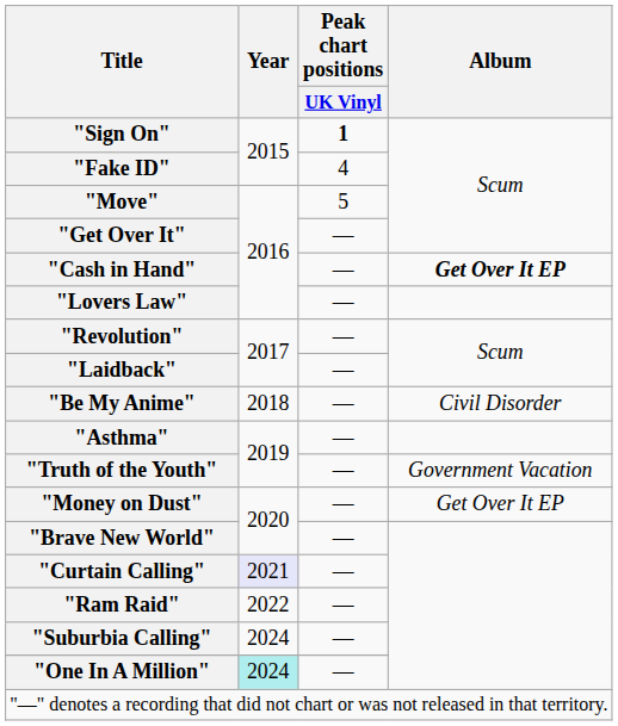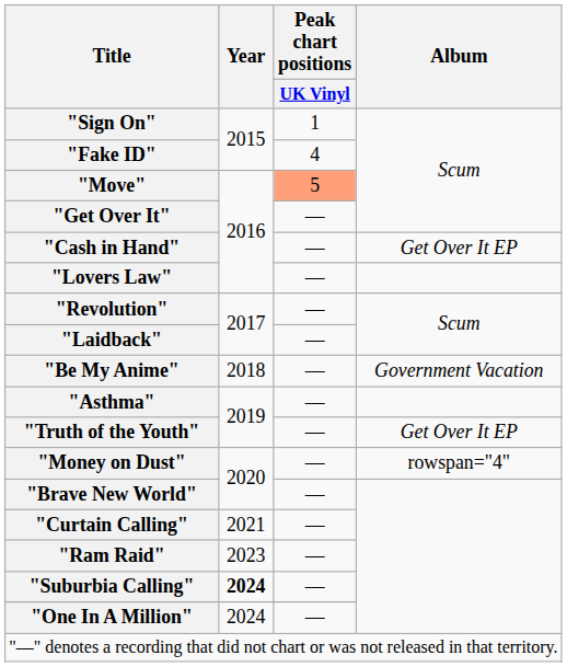 <table class="wikitable plainrowheaders" style="text-align:center;">
 <tr>
 <th scope="col" rowspan="2">Title</th>
 <th scope="col" rowspan="2">Year</th>
 <th scope="col" colspan="1">Peak chart positions</th>
 <th scope="col" rowspan="2">Album</th>
 </tr>
 <tr>
 <th scope="col" style="width:3em;font-size:90%;"><a href='#'>UK Vinyl</a></th>
 </tr>
 <tr>
 <th scope="row">"Sign On"</th>
 <td rowspan="2">2015</td>
-<td><strong>1</strong></td>
+<td>1</td>
 <td rowspan="4"><em>Scum</em></td>
 </tr>
 <tr>
 <th scope="row">"Fake ID"</th>
 <td>4</td>
 </tr>
 <tr>
 <th scope="row">"Move"</th>
 <td rowspan="4">2016</td>
-<td>5</td>
+<td style="background: lightsalmon;">5</td>
 </tr>
 <tr>
 <th scope="row">"Get Over It"</th>
 <td>—</td>
 </tr>
 <tr>
 <th scope="row">"Cash in Hand"</th>
 <td>—</td>
-<td><strong><em>Get Over It EP</em></strong></td>
+<td><em>Get Over It EP</em></td>
 </tr>
 <tr>
 <th scope="row">"Lovers Law"</th>
 <td>—</td>
 <td></td>
 </tr>
 <tr>
 <th scope="row">"Revolution"</th>
 <td rowspan="2">2017</td>
 <td>—</td>
 <td rowspan="2"><em>Scum</em></td>
 </tr>
 <tr>
 <th scope="row">"Laidback"</th>
 <td>—</td>
 </tr>
 <tr>
 <th scope="row">"Be My Anime"</th>
 <td>2018</td>
 <td>—</td>
-<td><em>Civil Disorder</em></td>
+<td rowspan="1"><em>Government Vacation</em></td>
 </tr>
 <tr>
 <th scope="row">"Asthma"</th>
 <td rowspan="2">2019</td>
 <td>—</td>
 <td></td>
 </tr>
 <tr>
 <th scope="row">"Truth of the Youth"</th>
 <td>—</td>
-<td rowspan="1"><em>Government Vacation</em></td>
+<td><em>Get Over It EP</em></td>
 </tr>
 <tr>
 <th scope="row">"Money on Dust"</th>
 <td rowspan="2">2020</td>
 <td>—</td>
-<td><em>Get Over It EP</em></td>
+<td>rowspan="4" </td>
 </tr>
 <tr>
 <th scope="row">"Brave New World"</th>
 <td>—</td>
 </tr>
 <tr>
 <th scope="row">"Curtain Calling"</th>
-<td rowspan="1" style="background: lavender;">2021</td>
+<td rowspan="1">2021</td>
 <td>—</td>
 </tr>
 <tr>
 <th scope="row">"Ram Raid"</th>
-<td rowspan="1">2022</td>
+<td rowspan="1">2023</td>
 <td>—</td>
 </tr>
 <tr>
 <th scope="row">"Suburbia Calling"</th>
-<td rowspan="1">2024</td>
+<td rowspan="1"><strong>2024</strong></td>
 <td>—</td>
 </tr>
 <tr rowspan="4" >
 </tr>
 <tr>
 <th scope="row">"One In A Million"</th>
-<td rowspan="1" style="background: paleturquoise;">2024</td>
+<td rowspan="1">2024</td>
 <td>—</td>
 </tr>
 <tr rowspan="4" >
 <td colspan="7" style="font-size:90%">"—" denotes a recording that did not chart or was not released in that territory.</td>
 </tr>
 </table>
